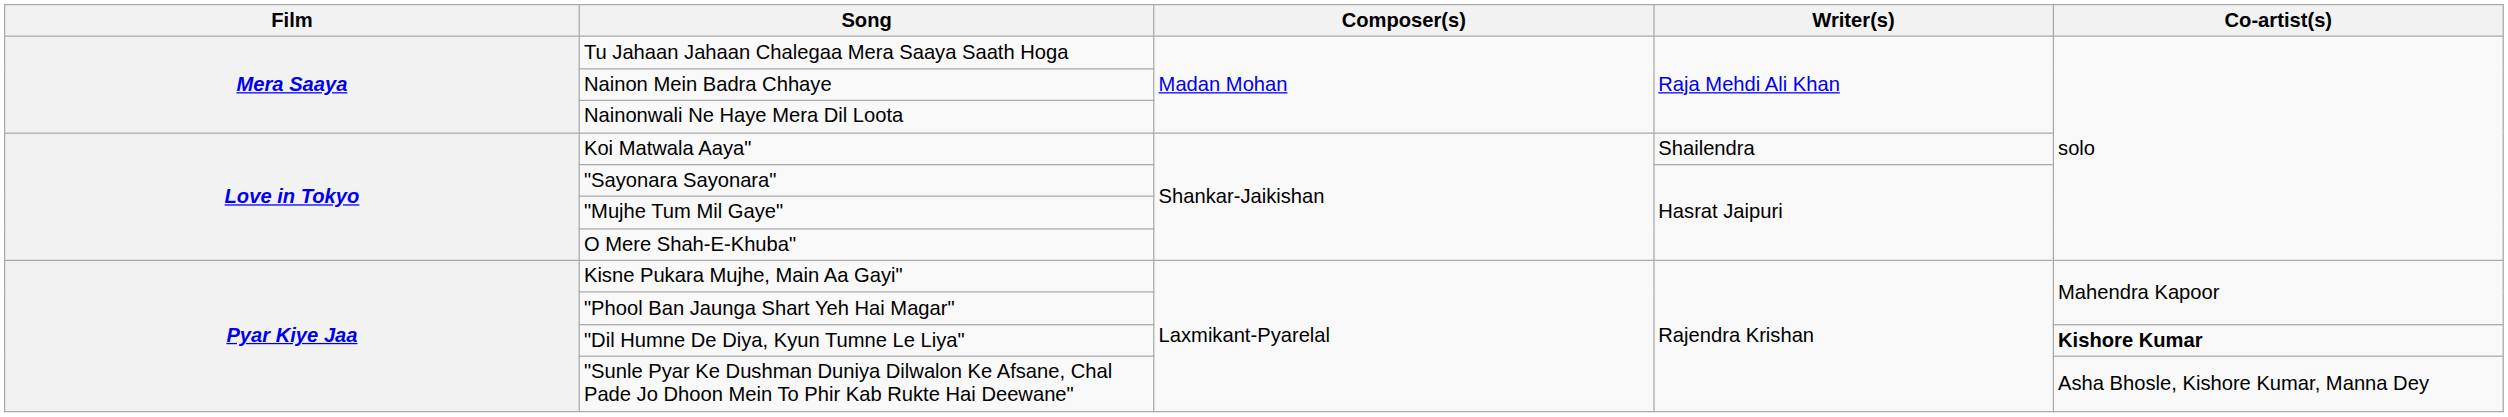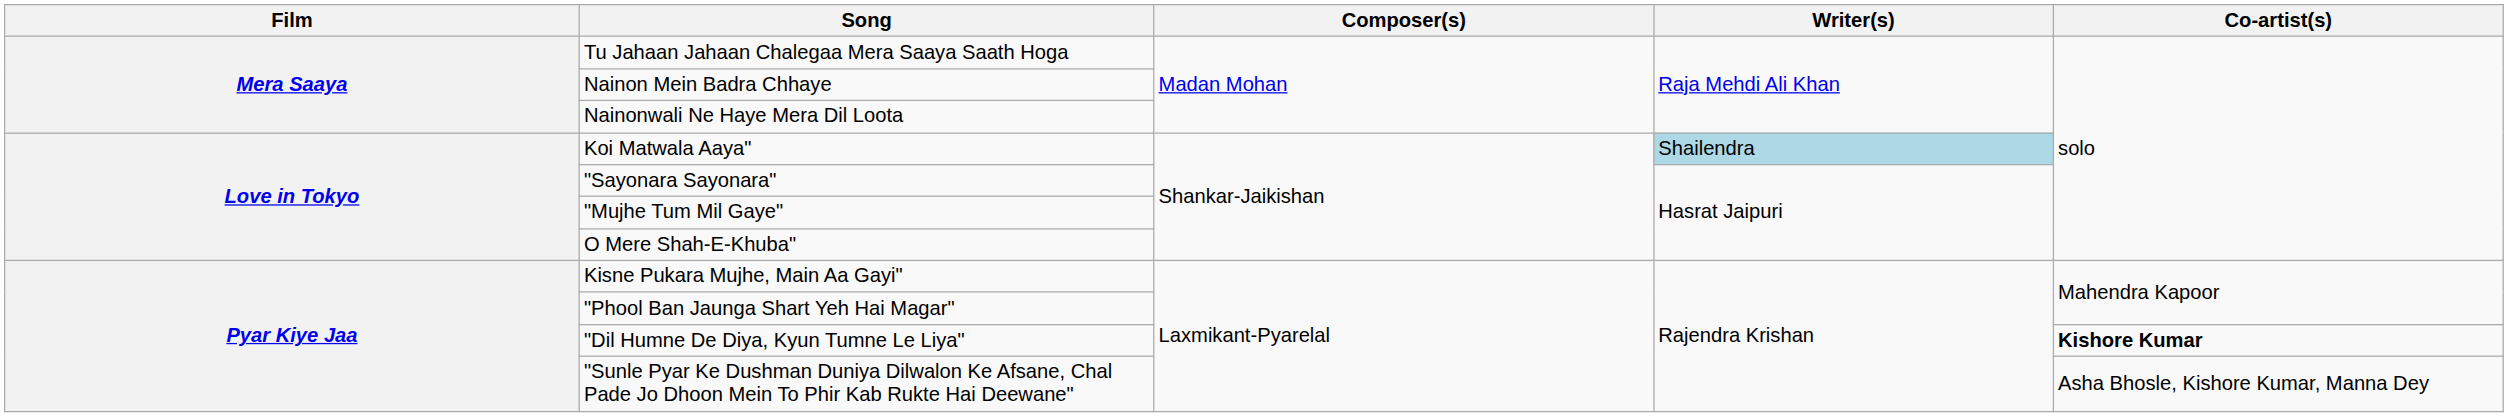 <table class="wikitable plainrowheaders" style="width:100%; textcolor:#000">
 <tr style="background:#b0e0e66;">
 <th scope="col" style="width:23%;"><strong>Film</strong></th>
 <th scope="col" style="width:23%;"><strong>Song</strong></th>
 <th scope="col" style="width:20%;"><strong>Composer(s)</strong></th>
 <th scope="col" style="width:16%;"><strong>Writer(s)</strong></th>
 <th scope="col" style="width:18%;"><strong>Co-artist(s)</strong></th>
 </tr>
 <tr>
 <th rowspan="3"><em><a href='#'>Mera Saaya</a></em></th>
 <td>Tu Jahaan Jahaan Chalegaa Mera Saaya Saath Hoga</td>
 <td rowspan="3"><a href='#'>Madan Mohan</a></td>
 <td rowspan="3"><a href='#'>Raja Mehdi Ali Khan</a></td>
 <td rowspan=7>solo</td>
 </tr>
 <tr>
 <td>Nainon Mein Badra Chhaye</td>
 </tr>
 <tr>
 <td>Nainonwali Ne Haye Mera Dil Loota</td>
 </tr>
 <tr>
 <th Rowspan=4><em><a href='#'>Love in Tokyo</a></em></th>
 <td>Koi Matwala Aaya"</td>
 <td rowspan=4>Shankar-Jaikishan</td>
-<td>Shailendra</td>
+<td style="background: lightblue;">Shailendra</td>
 </tr>
 <tr>
 <td>"Sayonara Sayonara"</td>
 <td rowspan=3>Hasrat Jaipuri</td>
 </tr>
 <tr>
 <td>"Mujhe Tum Mil Gaye"</td>
 </tr>
 <tr>
 <td>O Mere Shah-E-Khuba"</td>
 </tr>
 <tr>
 <th Rowspan=4><em><a href='#'>Pyar Kiye Jaa</a></em></th>
 <td>Kisne Pukara Mujhe, Main Aa Gayi"</td>
 <td rowspan=4>Laxmikant-Pyarelal</td>
 <td rowspan=4>Rajendra Krishan</td>
 <td rowspan=2>Mahendra Kapoor</td>
 </tr>
 <tr>
 <td>"Phool Ban Jaunga Shart Yeh Hai Magar"</td>
 </tr>
 <tr>
 <td>"Dil Humne De Diya, Kyun Tumne Le Liya"</td>
 <td><strong>Kishore Kumar</strong></td>
 </tr>
 <tr>
 <td>"Sunle Pyar Ke Dushman Duniya Dilwalon Ke Afsane, Chal Pade Jo Dhoon Mein To Phir Kab Rukte Hai Deewane"</td>
 <td>Asha Bhosle, Kishore Kumar, Manna Dey</td>
 </tr>
 </table>
